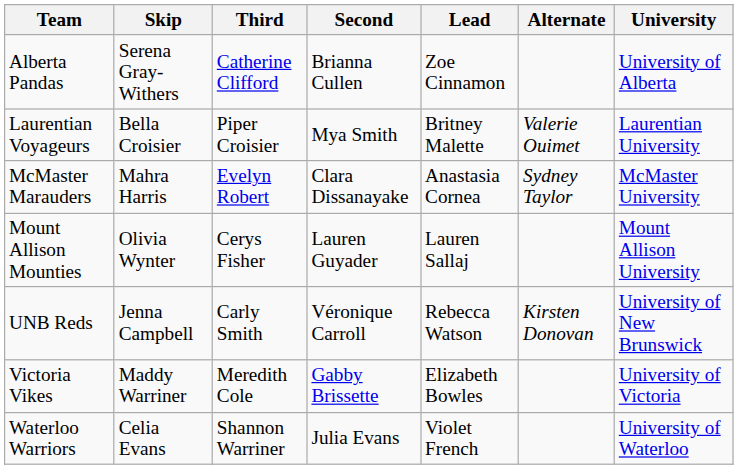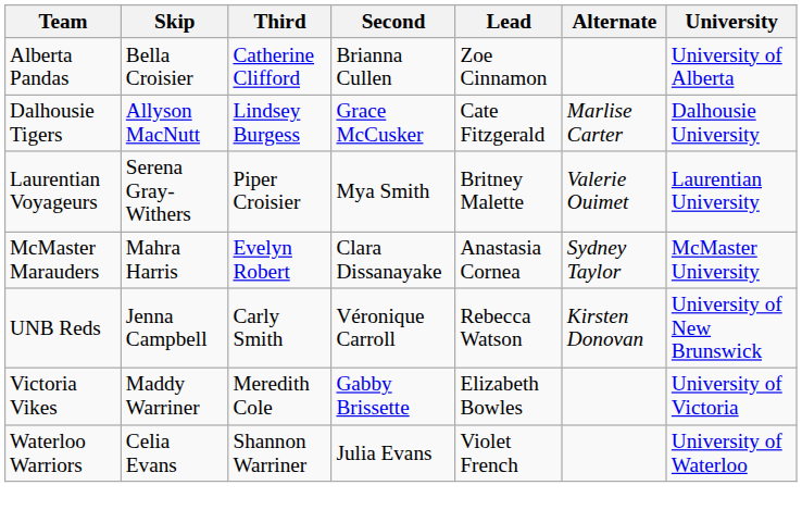 <table class="wikitable">
 <tr>
 <th scope="col">Team</th>
 <th scope="col">Skip</th>
 <th scope="col">Third</th>
 <th scope="col">Second</th>
 <th scope="col">Lead</th>
 <th scope="col">Alternate</th>
 <th scope="col">University</th>
 </tr>
 <tr>
 <td>Alberta Pandas</td>
-<td>Serena Gray-Withers</td>
+<td>Bella Croisier</td>
 <td><a href='#'>Catherine Clifford</a></td>
 <td>Brianna Cullen</td>
 <td>Zoe Cinnamon</td>
 <td></td>
 <td> <a href='#'>University of Alberta</a></td>
 </tr>
 <tr>
+<td>Dalhousie Tigers</td>
+<td><a href='#'>Allyson MacNutt</a></td>
+<td><a href='#'>Lindsey Burgess</a></td>
+<td><a href='#'>Grace McCusker</a></td>
+<td>Cate Fitzgerald</td>
+<td><em>Marlise Carter</em></td>
+<td> <a href='#'>Dalhousie University</a></td>
+</tr>
+<tr>
 <td>Laurentian Voyageurs</td>
-<td>Bella Croisier</td>
+<td>Serena Gray-Withers</td>
 <td>Piper Croisier</td>
 <td>Mya Smith</td>
 <td>Britney Malette</td>
 <td><em>Valerie Ouimet</em></td>
 <td> <a href='#'>Laurentian University</a></td>
 </tr>
 <tr>
 <td>McMaster Marauders</td>
 <td>Mahra Harris</td>
 <td><a href='#'>Evelyn Robert</a></td>
 <td>Clara Dissanayake</td>
 <td>Anastasia Cornea</td>
 <td><em>Sydney Taylor</em></td>
 <td> <a href='#'>McMaster University</a></td>
-</tr>
-<tr>
-<td>Mount Allison Mounties</td>
-<td>Olivia Wynter</td>
-<td>Cerys Fisher</td>
-<td>Lauren Guyader</td>
-<td>Lauren Sallaj</td>
-<td></td>
-<td> <a href='#'>Mount Allison University</a></td>
 </tr>
 <tr>
 <td>UNB Reds</td>
 <td>Jenna Campbell</td>
 <td>Carly Smith</td>
 <td>Véronique Carroll</td>
 <td>Rebecca Watson</td>
 <td><em>Kirsten Donovan</em></td>
 <td> <a href='#'>University of New Brunswick</a></td>
 </tr>
 <tr>
 <td>Victoria Vikes</td>
 <td>Maddy Warriner</td>
 <td>Meredith Cole</td>
 <td><a href='#'>Gabby Brissette</a></td>
 <td>Elizabeth Bowles</td>
 <td></td>
 <td> <a href='#'>University of Victoria</a></td>
 </tr>
 <tr>
 <td>Waterloo Warriors</td>
 <td>Celia Evans</td>
 <td>Shannon Warriner</td>
 <td>Julia Evans</td>
 <td>Violet French</td>
 <td></td>
 <td> <a href='#'>University of Waterloo</a></td>
 </tr>
 </table>
